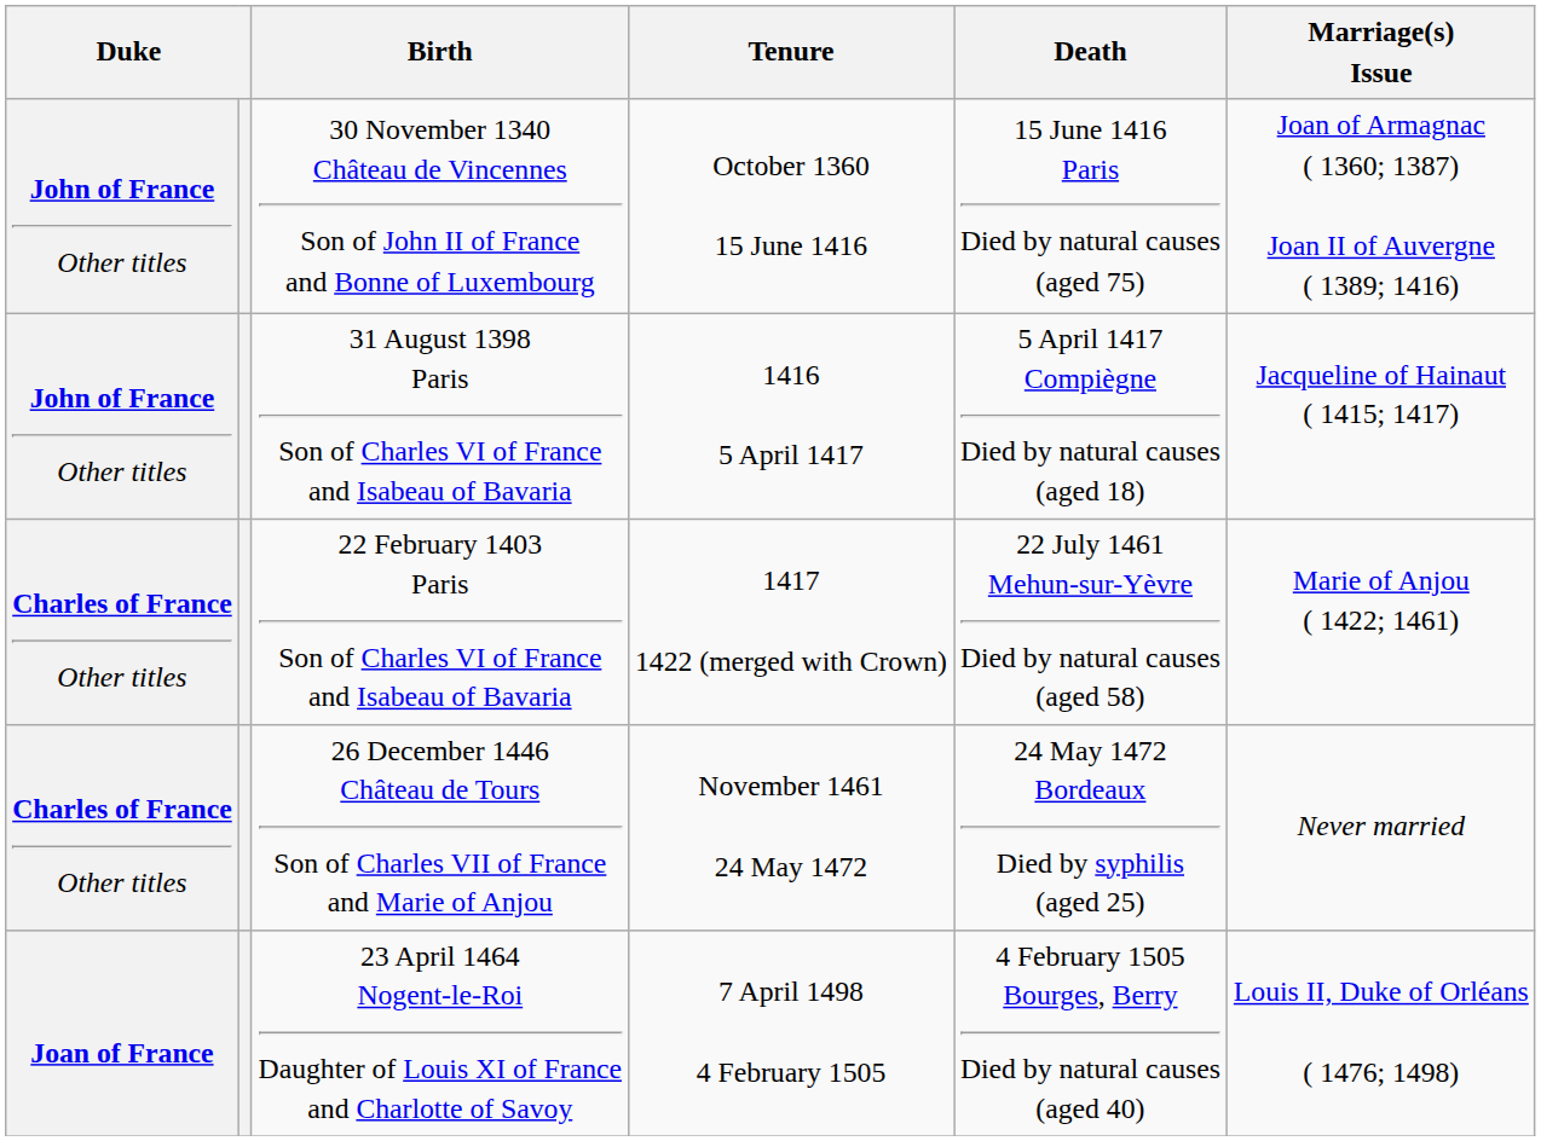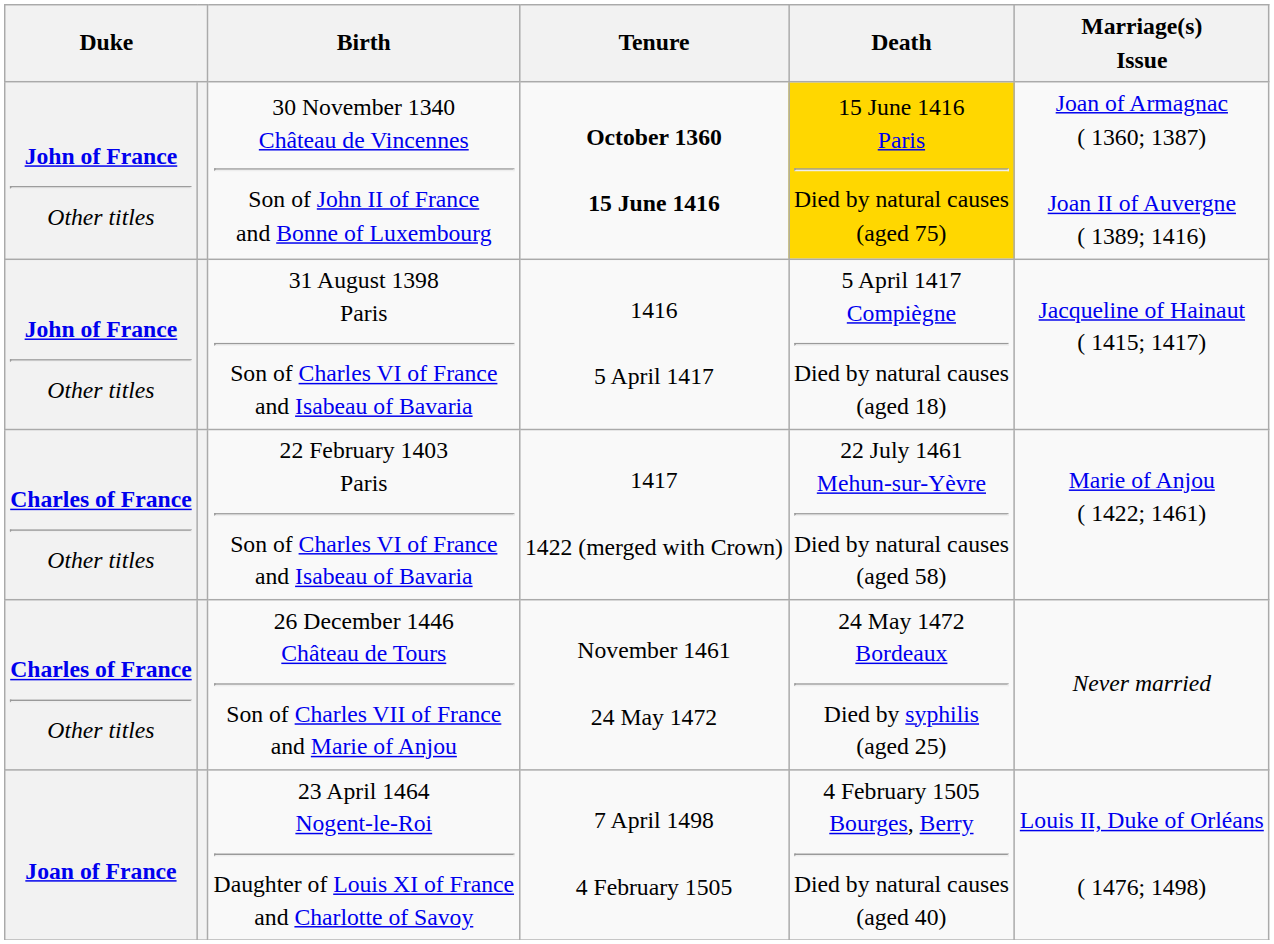 <table class="wikitable" style="line-height:1.4em; text-align:center">
 <tr>
 <th colspan=2>Duke</th>
 <th>Birth</th>
 <th>Tenure</th>
 <th>Death</th>
 <th>Marriage(s)<br>Issue</th>
 </tr>
 <tr>
 <th style="font-weight:normal"><br><strong><a href='#'>John of France</a></strong><hr><em>Other titles</em><br></th>
 <th style="font-weight:normal"></th>
 <td>30 November 1340<br><a href='#'>Château de Vincennes</a><hr>Son of <a href='#'>John II of France</a><br>and <a href='#'>Bonne of Luxembourg</a></td>
-<td>October 1360<br><br>15 June 1416</td>
-<td>15 June 1416<br><a href='#'>Paris</a><hr>Died by natural causes<br>(aged 75)</td>
+<td><strong>October 1360<br><br>15 June 1416</strong></td>
+<td style="background: gold;">15 June 1416<br><a href='#'>Paris</a><hr>Died by natural causes<br>(aged 75)</td>
 <td> <a href='#'>Joan of Armagnac</a><br>( 1360;  1387)<br><br> <a href='#'>Joan II of Auvergne</a><br>( 1389;  1416)<br></td>
 </tr>
 <tr>
 <th style="font-weight:normal"><br><strong><a href='#'>John of France</a></strong><hr><em>Other titles</em><br></th>
 <th style="font-weight:normal"><br></th>
 <td>31 August 1398 <br>Paris<hr>Son of <a href='#'>Charles VI of France</a><br>and <a href='#'>Isabeau of Bavaria</a></td>
 <td>1416<br><br>5 April 1417</td>
 <td>5 April 1417<br><a href='#'>Compiègne</a><hr>Died by natural causes<br>(aged 18)</td>
 <td><a href='#'>Jacqueline of Hainaut</a><br>( 1415;  1417)<br><br></td>
 </tr>
 <tr>
 <th style="font-weight:normal"><br><strong><a href='#'>Charles of France</a></strong><hr><em>Other titles</em><br></th>
 <th style="font-weight:normal"><br></th>
 <td>22 February 1403 <br>Paris<hr>Son of <a href='#'>Charles VI of France</a><br>and <a href='#'>Isabeau of Bavaria</a></td>
 <td>1417<br><br>1422 (merged with Crown)</td>
 <td>22 July 1461<br><a href='#'>Mehun-sur-Yèvre</a><hr>Died by natural causes<br>(aged 58)</td>
 <td><a href='#'>Marie of Anjou</a><br>( 1422;  1461)<br><br></td>
 </tr>
 <tr>
 <th style="font-weight:normal"><br><strong><a href='#'>Charles of France</a></strong><hr><em>Other titles</em><br></th>
 <th style="font-weight:normal"></th>
 <td>26 December 1446<br><a href='#'>Château de Tours</a><hr>Son of <a href='#'>Charles VII of France</a><br>and <a href='#'>Marie of Anjou</a></td>
 <td>November 1461<br><br>24 May 1472</td>
 <td>24 May 1472<br><a href='#'>Bordeaux</a><hr>Died by <a href='#'>syphilis</a><br>(aged 25)</td>
 <td><em>Never married</em></td>
 </tr>
 <tr>
 <th style="font-weight:normal"><br><strong><a href='#'>Joan of France</a></strong></th>
 <th style="font-weight:normal"></th>
 <td>23 April 1464<br><a href='#'>Nogent-le-Roi</a><hr>Daughter of <a href='#'>Louis XI of France</a><br>and <a href='#'>Charlotte of Savoy</a></td>
 <td>7 April 1498<br><br>4 February 1505</td>
 <td>4 February 1505<br><a href='#'>Bourges</a>, <a href='#'>Berry</a><hr>Died by natural causes<br>(aged 40)</td>
 <td><a href='#'>Louis II, Duke of Orléans<br></a><br>( 1476;  1498)<br></td>
 </tr>
 </table>
